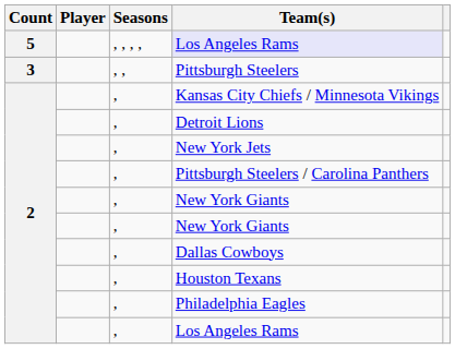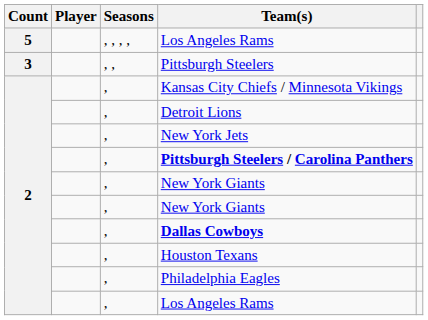 <table class="wikitable sortable">
 <tr>
 <th scope=col>Count</th>
 <th scope=col>Player</th>
 <th scope=col>Seasons</th>
 <th scope=col>Team(s)</th>
 <th scope=col class= "unsortable"></th>
 </tr>
 <tr>
 <th scope=row>5</th>
 <td></td>
 <td>, , , , </td>
-<td style="background: lavender;"><a href='#'>Los Angeles Rams</a></td>
+<td><a href='#'>Los Angeles Rams</a></td>
 <td></td>
 </tr>
 <tr>
 <th scope=row>3</th>
 <td></td>
 <td>, , </td>
 <td><a href='#'>Pittsburgh Steelers</a></td>
 <td></td>
 </tr>
 <tr>
 <th scope=rowgroup rowspan=10>2</th>
 <td></td>
 <td>, </td>
 <td><a href='#'>Kansas City Chiefs</a> / <a href='#'>Minnesota Vikings</a></td>
 <td></td>
 </tr>
 <tr>
 <td></td>
 <td>, </td>
 <td><a href='#'>Detroit Lions</a></td>
 <td></td>
 </tr>
 <tr>
 <td></td>
 <td>, </td>
 <td><a href='#'>New York Jets</a></td>
 <td></td>
 </tr>
 <tr>
 <td></td>
 <td>, </td>
-<td><a href='#'>Pittsburgh Steelers</a> / <a href='#'>Carolina Panthers</a></td>
+<td><strong><a href='#'>Pittsburgh Steelers</a> / <a href='#'>Carolina Panthers</a></strong></td>
 <td></td>
 </tr>
 <tr>
 <td></td>
 <td>, </td>
 <td><a href='#'>New York Giants</a></td>
 <td></td>
 </tr>
 <tr>
 <td></td>
 <td>, </td>
 <td><a href='#'>New York Giants</a></td>
 <td></td>
 </tr>
 <tr>
 <td></td>
 <td>, </td>
-<td><a href='#'>Dallas Cowboys</a></td>
+<td><strong><a href='#'>Dallas Cowboys</a></strong></td>
 <td></td>
 </tr>
 <tr>
 <td></td>
 <td>, </td>
 <td><a href='#'>Houston Texans</a></td>
 <td></td>
 </tr>
 <tr>
 <td></td>
 <td>, </td>
 <td><a href='#'>Philadelphia Eagles</a></td>
 <td></td>
 </tr>
 <tr>
 <td></td>
 <td>, </td>
 <td><a href='#'>Los Angeles Rams</a></td>
 <td></td>
 </tr>
 </table>
